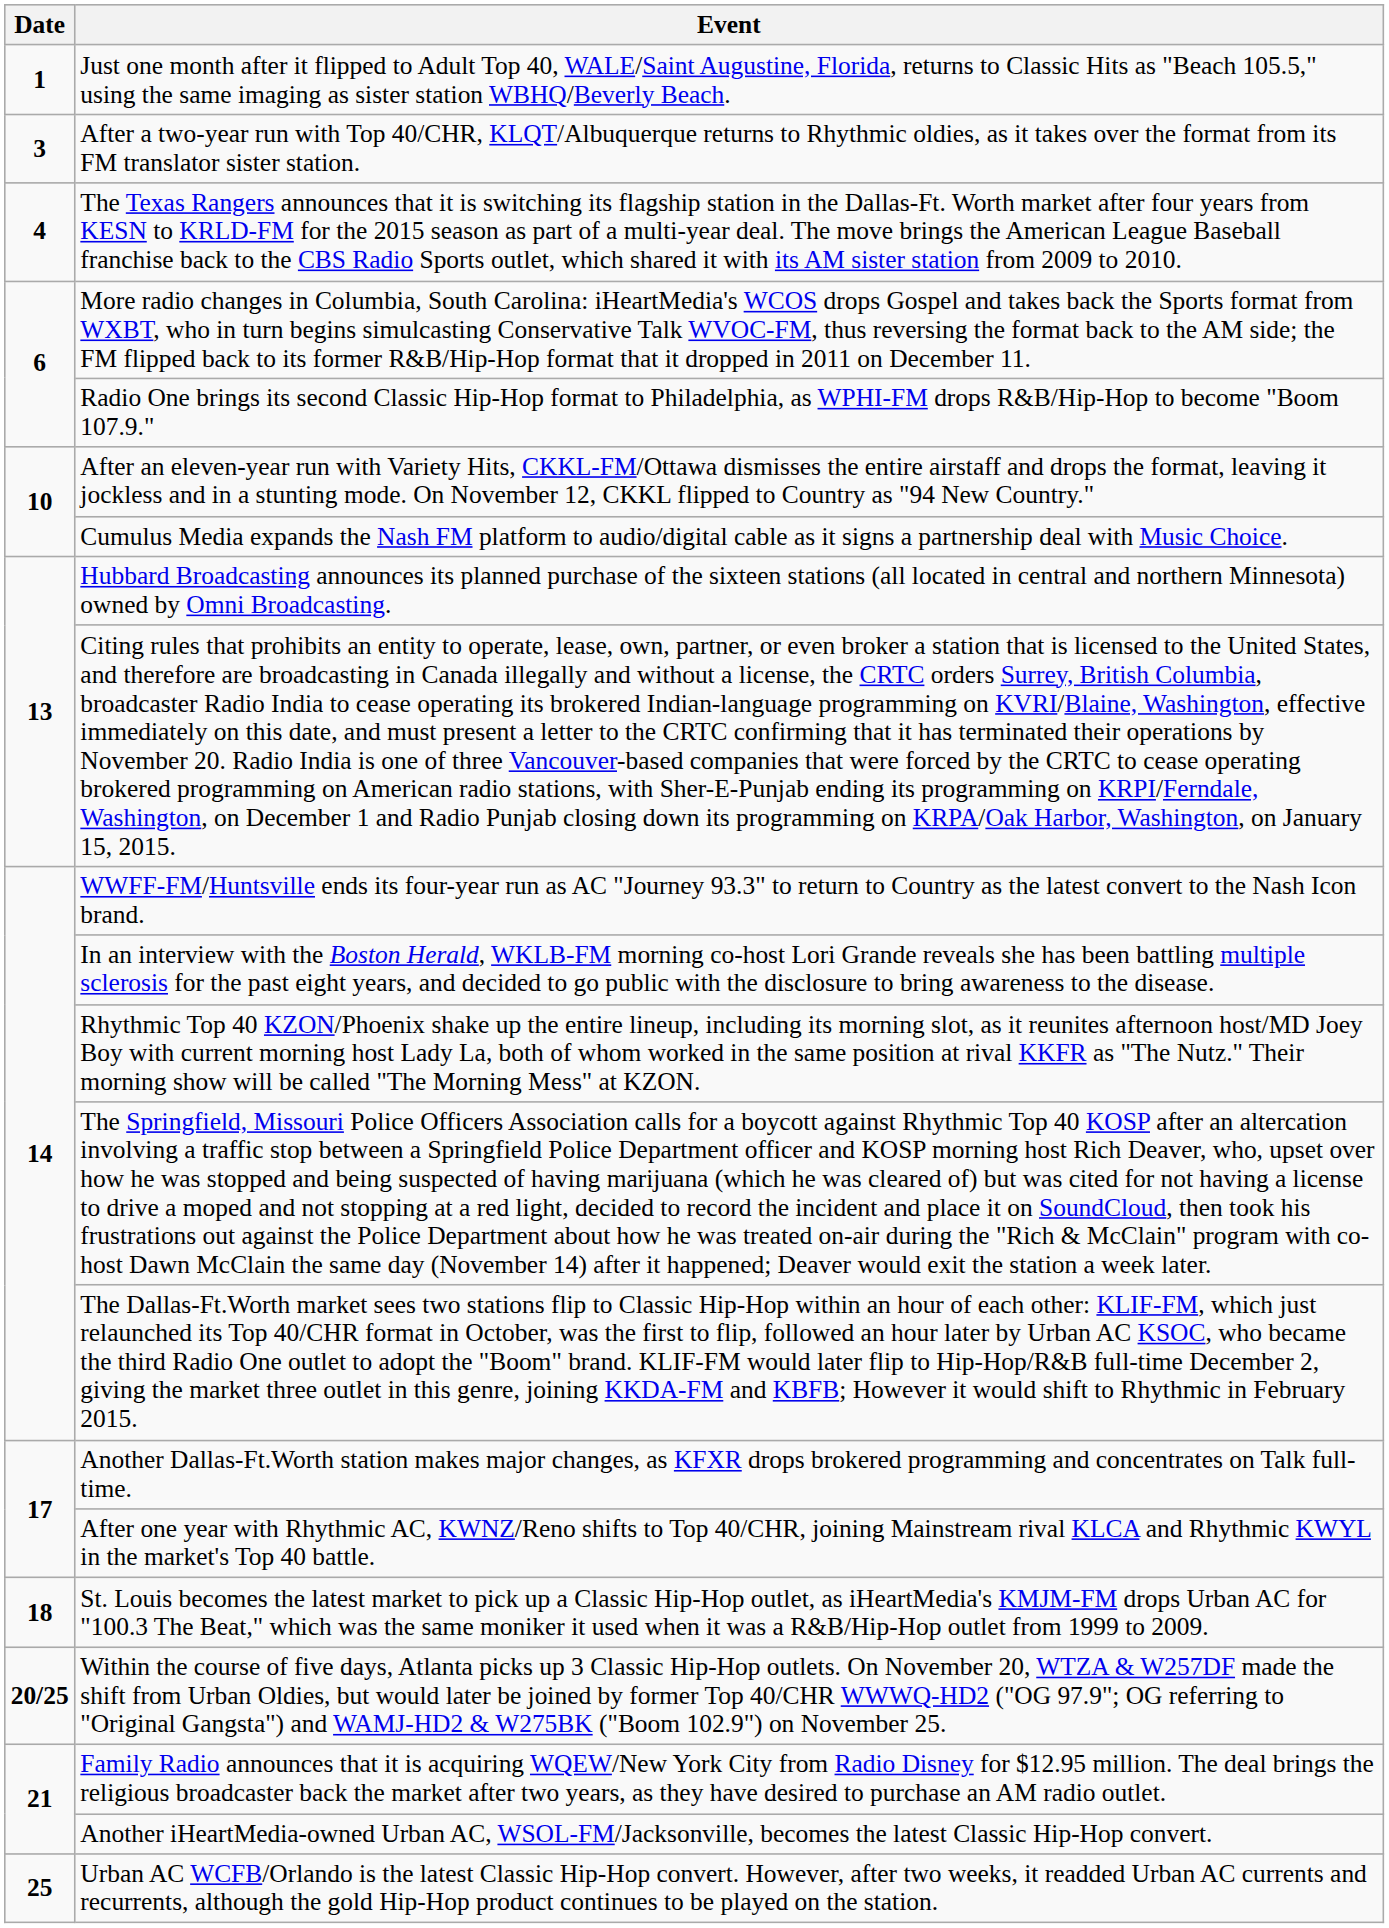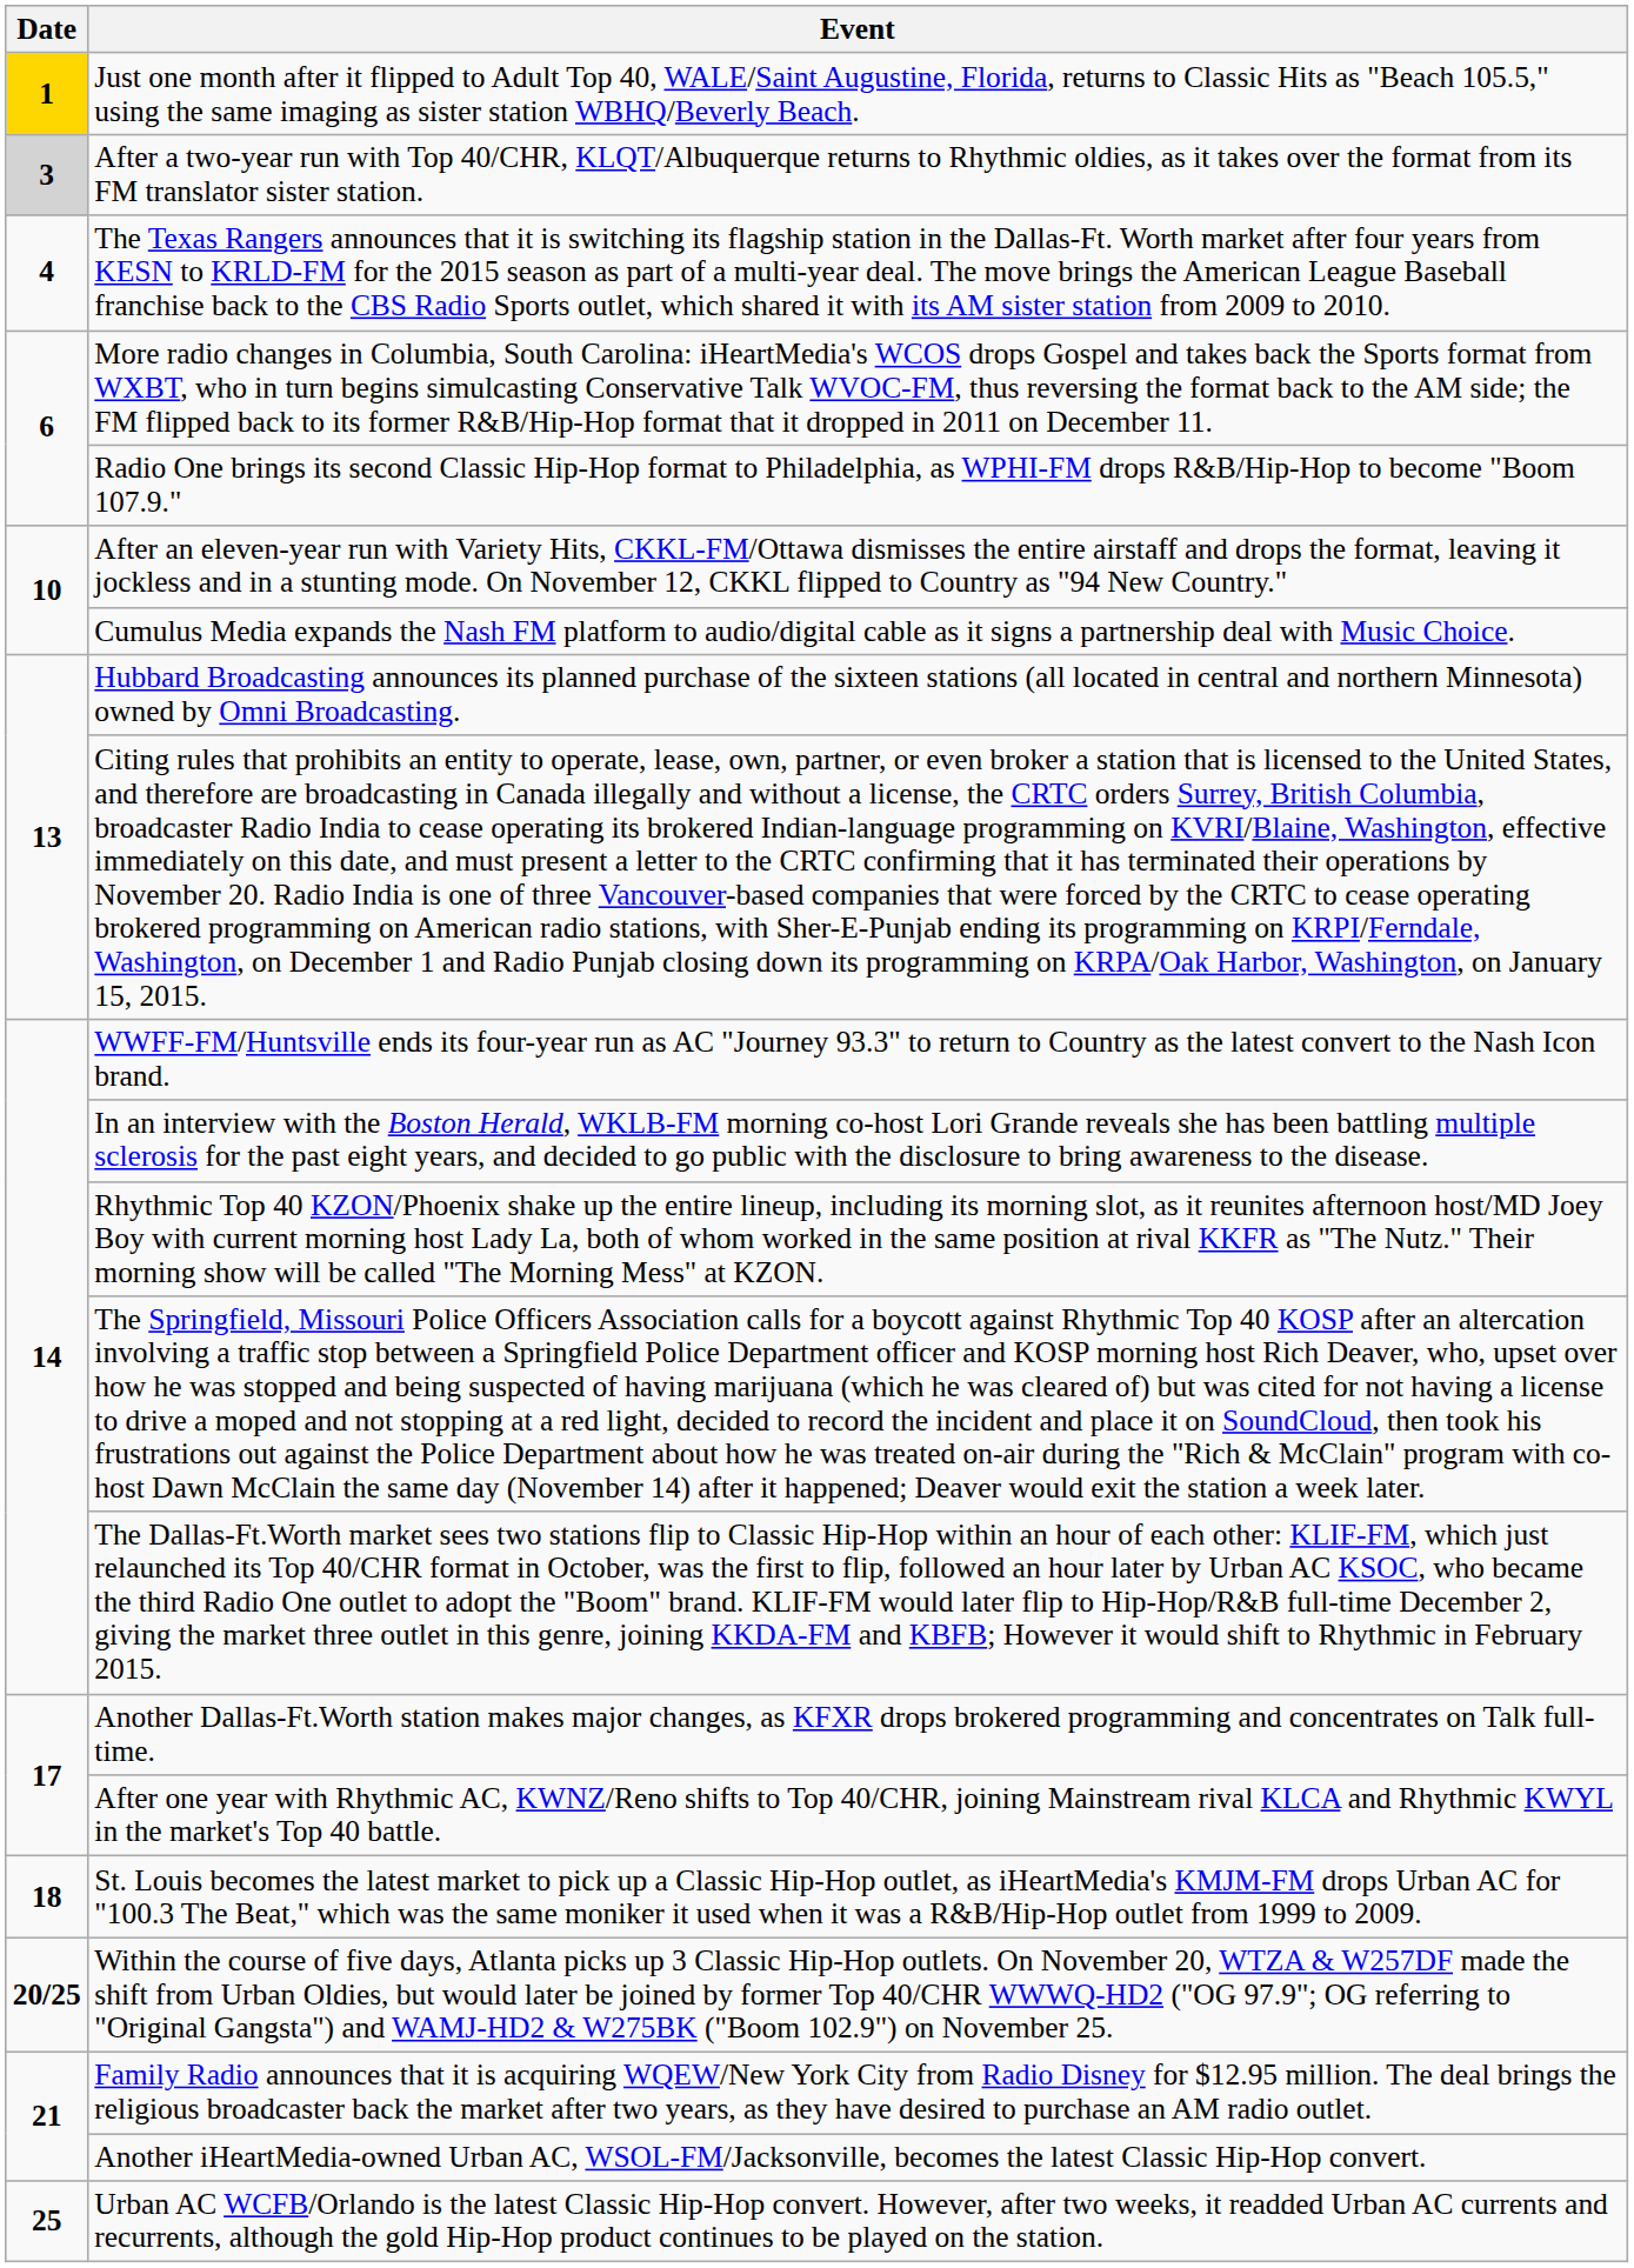 <table class="wikitable">
 <tr>
 <th>Date</th>
 <th>Event</th>
 </tr>
 <tr>
-<td style="text-align:center;"><strong>1</strong></td>
+<td style="background: gold; text-align:center;"><strong>1</strong></td>
 <td>Just one month after it flipped to Adult Top 40, <a href='#'>WALE</a>/<a href='#'>Saint Augustine, Florida</a>, returns to Classic Hits as "Beach 105.5," using the same imaging as sister station <a href='#'>WBHQ</a>/<a href='#'>Beverly Beach</a>.</td>
 </tr>
 <tr>
-<td style="text-align:center;"><strong>3</strong></td>
+<td style="background: lightgrey; text-align:center;"><strong>3</strong></td>
 <td>After a two-year run with Top 40/CHR, <a href='#'>KLQT</a>/Albuquerque returns to Rhythmic oldies, as it takes over the format from its FM translator sister station.</td>
 </tr>
 <tr>
 <td style="text-align:center;"><strong>4</strong></td>
 <td>The <a href='#'>Texas Rangers</a> announces that it is switching its flagship station in the Dallas-Ft. Worth market after four years from <a href='#'>KESN</a> to <a href='#'>KRLD-FM</a> for the 2015 season as part of a multi-year deal. The move brings the American League Baseball franchise back to the <a href='#'>CBS Radio</a> Sports outlet, which shared it with <a href='#'>its AM sister station</a> from 2009 to 2010.</td>
 </tr>
 <tr>
 <td style="text-align:center;" rowspan=2><strong>6</strong></td>
 <td>More radio changes in Columbia, South Carolina: iHeartMedia's <a href='#'>WCOS</a> drops Gospel and takes back the Sports format from <a href='#'>WXBT</a>, who in turn begins simulcasting Conservative Talk <a href='#'>WVOC-FM</a>, thus reversing the format back to the AM side; the FM flipped back to its former R&B/Hip-Hop format that it dropped in 2011 on December 11.</td>
 </tr>
 <tr>
 <td>Radio One brings its second Classic Hip-Hop format to Philadelphia, as <a href='#'>WPHI-FM</a> drops R&B/Hip-Hop to become "Boom 107.9."</td>
 </tr>
 <tr>
 <td style="text-align:center;" rowspan=2><strong>10</strong></td>
 <td>After an eleven-year run with Variety Hits, <a href='#'>CKKL-FM</a>/Ottawa dismisses the entire airstaff and drops the format, leaving it jockless and in a stunting mode. On November 12, CKKL flipped to Country as "94 New Country."</td>
 </tr>
 <tr>
 <td>Cumulus Media expands the <a href='#'>Nash FM</a> platform to audio/digital cable as it signs a partnership deal with <a href='#'>Music Choice</a>.</td>
 </tr>
 <tr>
 <td style="text-align:center;" rowspan=2><strong>13</strong></td>
 <td><a href='#'>Hubbard Broadcasting</a> announces its planned purchase of the sixteen stations (all located in central and northern Minnesota) owned by <a href='#'>Omni Broadcasting</a>.</td>
 </tr>
 <tr>
 <td>Citing rules that prohibits an entity to operate, lease, own, partner, or even broker a station that is licensed to the United States, and therefore are broadcasting in Canada illegally and without a license, the <a href='#'>CRTC</a> orders <a href='#'>Surrey, British Columbia</a>, broadcaster Radio India to cease operating its brokered Indian-language programming on <a href='#'>KVRI</a>/<a href='#'>Blaine, Washington</a>, effective immediately on this date, and must present a letter to the CRTC confirming that it has terminated their operations by November 20. Radio India is one of three <a href='#'>Vancouver</a>-based companies that were forced by the CRTC to cease operating brokered programming on American radio stations, with Sher-E-Punjab ending its programming on <a href='#'>KRPI</a>/<a href='#'>Ferndale, Washington</a>, on December 1 and Radio Punjab closing down its programming on <a href='#'>KRPA</a>/<a href='#'>Oak Harbor, Washington</a>, on January 15, 2015.</td>
 </tr>
 <tr>
 <td style="text-align:center;" rowspan=5><strong>14</strong></td>
 <td><a href='#'>WWFF-FM</a>/<a href='#'>Huntsville</a> ends its four-year run as AC "Journey 93.3" to return to Country as the latest convert to the Nash Icon brand.</td>
 </tr>
 <tr>
 <td>In an interview with the <em><a href='#'>Boston Herald</a></em>, <a href='#'>WKLB-FM</a> morning co-host Lori Grande reveals she has been battling <a href='#'>multiple sclerosis</a> for the past eight years, and decided to go public with the disclosure to bring awareness to the disease.</td>
 </tr>
 <tr>
 <td>Rhythmic Top 40 <a href='#'>KZON</a>/Phoenix shake up the entire lineup, including its morning slot, as it reunites afternoon host/MD Joey Boy with current morning host Lady La, both of whom worked in the same position at rival <a href='#'>KKFR</a> as "The Nutz." Their morning show will be called "The Morning Mess" at KZON.</td>
 </tr>
 <tr>
 <td>The <a href='#'>Springfield, Missouri</a> Police Officers Association calls for a boycott against Rhythmic Top 40 <a href='#'>KOSP</a> after an altercation involving a traffic stop between a Springfield Police Department officer and KOSP morning host Rich Deaver, who, upset over how he was stopped and being suspected of having marijuana (which he was cleared of) but was cited for not having a license to drive a moped and not stopping at a red light, decided to record the incident and place it on <a href='#'>SoundCloud</a>, then took his frustrations out against the Police Department about how he was treated on-air during the "Rich & McClain" program with co-host Dawn McClain the same day (November 14) after it happened; Deaver would exit the station a week later.</td>
 </tr>
 <tr>
 <td>The Dallas-Ft.Worth market sees two stations flip to Classic Hip-Hop within an hour of each other: <a href='#'>KLIF-FM</a>, which just relaunched its Top 40/CHR format in October, was the first to flip, followed an hour later by Urban AC <a href='#'>KSOC</a>, who became the third Radio One outlet to adopt the "Boom" brand. KLIF-FM would later flip to Hip-Hop/R&B full-time December 2, giving the market three outlet in this genre, joining <a href='#'>KKDA-FM</a> and <a href='#'>KBFB</a>; However it would shift to Rhythmic in February 2015.</td>
 </tr>
 <tr>
 <td style="text-align:center;" rowspan=2><strong>17</strong></td>
 <td>Another Dallas-Ft.Worth station makes major changes, as <a href='#'>KFXR</a> drops brokered programming and concentrates on Talk full-time.</td>
 </tr>
 <tr>
 <td>After one year with Rhythmic AC, <a href='#'>KWNZ</a>/Reno shifts to Top 40/CHR, joining Mainstream rival <a href='#'>KLCA</a> and Rhythmic <a href='#'>KWYL</a> in the market's Top 40 battle.</td>
 </tr>
 <tr>
 <td style="text-align:center;"><strong>18</strong></td>
 <td>St. Louis becomes the latest market to pick up a Classic Hip-Hop outlet, as iHeartMedia's <a href='#'>KMJM-FM</a> drops Urban AC for "100.3 The Beat," which was the same moniker it used when it was a R&B/Hip-Hop outlet from 1999 to 2009.</td>
 </tr>
 <tr>
 <td style="text-align:center;"><strong>20/25</strong></td>
 <td>Within the course of five days, Atlanta picks up 3 Classic Hip-Hop outlets. On November 20, <a href='#'>WTZA & W257DF</a> made the shift from Urban Oldies, but would later be joined by former Top 40/CHR <a href='#'>WWWQ-HD2</a> ("OG 97.9"; OG referring to "Original Gangsta") and <a href='#'>WAMJ-HD2 & W275BK</a> ("Boom 102.9") on November 25.</td>
 </tr>
 <tr>
 <td style="text-align:center;" rowspan=2><strong>21</strong></td>
 <td><a href='#'>Family Radio</a> announces that it is acquiring <a href='#'>WQEW</a>/New York City from <a href='#'>Radio Disney</a> for $12.95 million. The deal brings the religious broadcaster back the market after two years, as they have desired to purchase an AM radio outlet.</td>
 </tr>
 <tr>
 <td>Another iHeartMedia-owned Urban AC, <a href='#'>WSOL-FM</a>/Jacksonville, becomes the latest Classic Hip-Hop convert.</td>
 </tr>
 <tr>
 <td style="text-align:center;"><strong>25</strong></td>
 <td>Urban AC <a href='#'>WCFB</a>/Orlando is the latest Classic Hip-Hop convert. However, after two weeks, it readded Urban AC currents and recurrents, although the gold Hip-Hop product continues to be played on the station.</td>
 </tr>
 </table>
